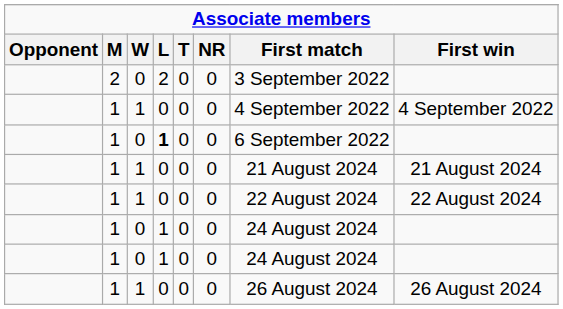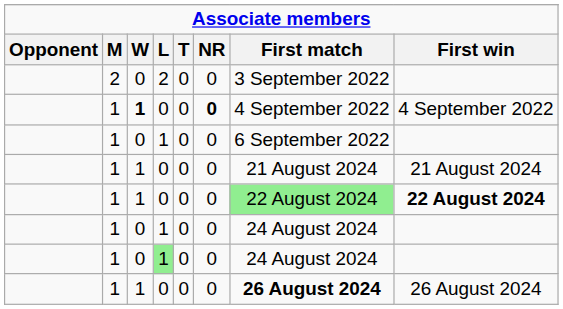 <table class="wikitable" style="text-align: center;">
 <tr>
 </tr>
 <tr>
 <td colspan="30" style="text-align: center;"><strong><a href='#'>Associate members</a></strong></td>
 </tr>
 <tr>
 <th>Opponent</th>
 <th>M</th>
 <th>W</th>
 <th>L</th>
 <th>T</th>
 <th>NR</th>
 <th>First match</th>
 <th>First win</th>
 </tr>
 <tr>
 <td></td>
 <td>2</td>
 <td>0</td>
 <td>2</td>
 <td>0</td>
 <td>0</td>
 <td>3 September 2022</td>
 <td></td>
 </tr>
 <tr>
 <td></td>
 <td>1</td>
-<td>1</td>
+<td><strong>1</strong></td>
 <td>0</td>
 <td>0</td>
-<td>0</td>
+<td><strong>0</strong></td>
 <td>4 September 2022</td>
 <td>4 September 2022</td>
 </tr>
 <tr>
 <td></td>
 <td>1</td>
 <td>0</td>
-<td><strong>1</strong></td>
+<td>1</td>
 <td>0</td>
 <td>0</td>
 <td>6 September 2022</td>
 <td></td>
 </tr>
 <tr>
 <td></td>
 <td>1</td>
 <td>1</td>
 <td>0</td>
 <td>0</td>
 <td>0</td>
 <td>21 August 2024</td>
 <td>21 August 2024</td>
 </tr>
 <tr>
 <td></td>
 <td>1</td>
 <td>1</td>
 <td>0</td>
 <td>0</td>
 <td>0</td>
-<td>22 August 2024</td>
-<td>22 August 2024</td>
+<td style="background: lightgreen;">22 August 2024</td>
+<td><strong>22 August 2024</strong></td>
 </tr>
 <tr>
 <td></td>
 <td>1</td>
 <td>0</td>
 <td>1</td>
 <td>0</td>
 <td>0</td>
 <td>24 August 2024</td>
 <td></td>
 </tr>
 <tr>
 <td></td>
 <td>1</td>
 <td>0</td>
-<td>1</td>
+<td style="background: lightgreen;">1</td>
 <td>0</td>
 <td>0</td>
 <td>24 August 2024</td>
 <td></td>
 </tr>
 <tr>
 <td></td>
 <td>1</td>
 <td>1</td>
 <td>0</td>
 <td>0</td>
 <td>0</td>
-<td>26 August 2024</td>
+<td><strong>26 August 2024</strong></td>
 <td>26 August 2024</td>
 </tr>
 </table>
